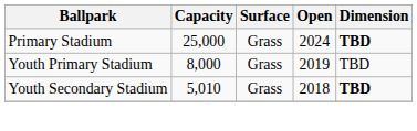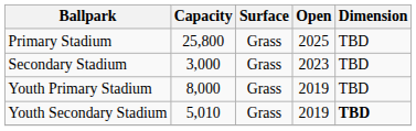 <table class="wikitable" style="text-align:left; text-align:center;">
 <tr>
 <th style="text-align:center;">Ballpark</th>
 <th style="text-align:center;">Capacity</th>
 <th style="text-align:center;">Surface</th>
 <th style="text-align:center;">Open</th>
 <th style="text-align:center;">Dimension</th>
 </tr>
 <tr>
 <td style="text-align:left;">Primary Stadium</td>
-<td>25,000</td>
+<td>25,800</td>
 <td>Grass</td>
-<td>2024</td>
-<td style="text-align:left;"><strong>TBD</strong></td>
+<td>2025</td>
+<td style="text-align:left;">TBD</td>
+</tr>
+<tr>
+<td style="text-align:left;">Secondary Stadium</td>
+<td>3,000</td>
+<td>Grass</td>
+<td>2023</td>
+<td style="text-align:left;">TBD</td>
 </tr>
 <tr>
 <td style="text-align:left;">Youth Primary Stadium</td>
 <td>8,000</td>
 <td>Grass</td>
 <td>2019</td>
 <td style="text-align:left;">TBD</td>
 </tr>
 <tr>
 <td style="text-align:left;">Youth Secondary Stadium</td>
 <td>5,010</td>
 <td>Grass</td>
-<td>2018</td>
+<td>2019</td>
 <td style="text-align:left;"><strong>TBD</strong></td>
 </tr>
 <tr>
 </tr>
 </table>
